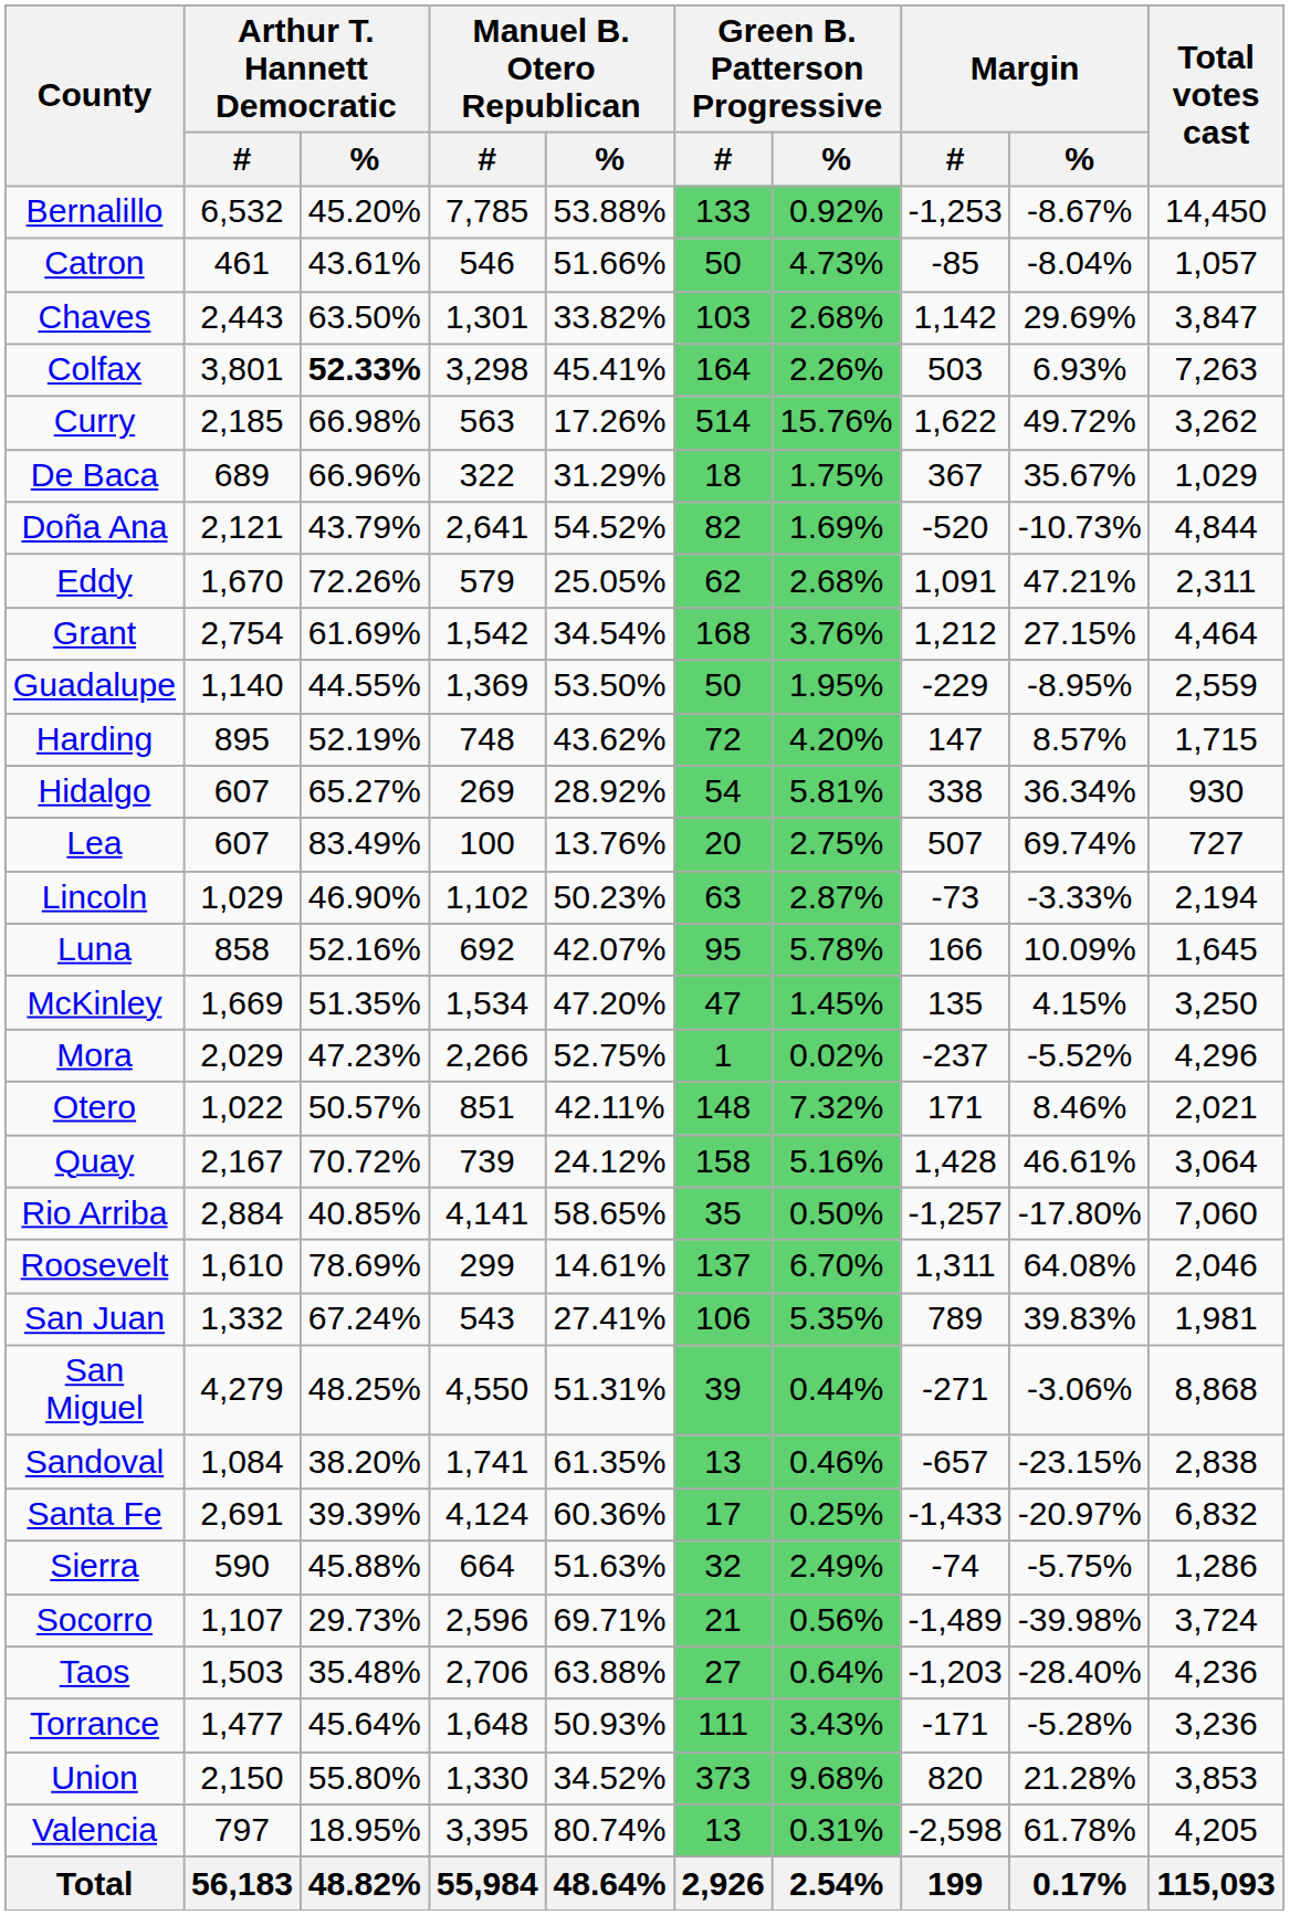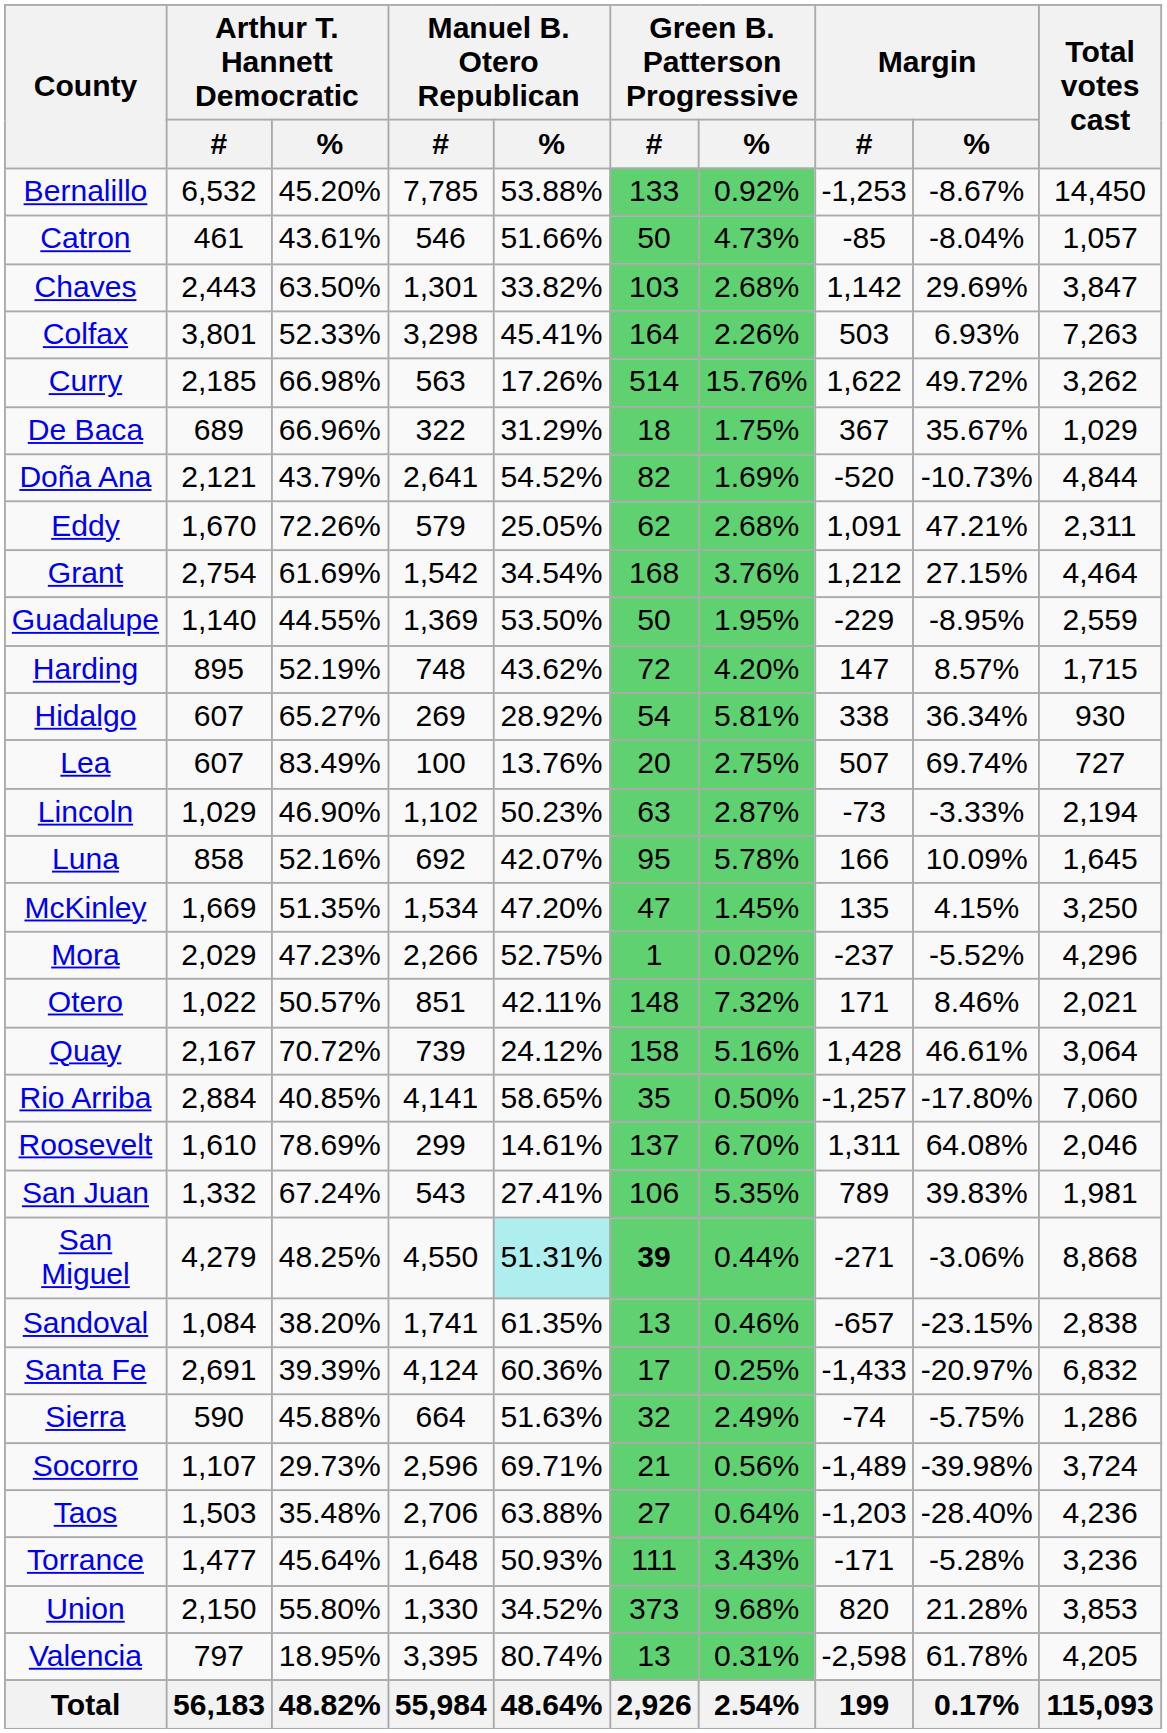 <table width="65%" class="wikitable sortable" style="text-align:center">
 <tr>
 <th style="text-align:center;" rowspan="2">County</th>
 <th style="text-align:center;" colspan="2">Arthur T. Hannett<br>Democratic</th>
 <th style="text-align:center;" colspan="2">Manuel B. Otero<br>Republican</th>
 <th style="text-align:center;" colspan="2">Green B. Patterson<br>Progressive</th>
 <th style="text-align:center;" colspan="2">Margin</th>
 <th style="text-align:center;" rowspan="2">Total votes cast</th>
 </tr>
 <tr>
 <th style="text-align:center;" data-sort-type="number">#</th>
 <th style="text-align:center;" data-sort-type="number">%</th>
 <th style="text-align:center;" data-sort-type="number">#</th>
 <th style="text-align:center;" data-sort-type="number">%</th>
 <th style="text-align:center;" data-sort-type="number">#</th>
 <th style="text-align:center;" data-sort-type="number">%</th>
 <th style="text-align:center;" data-sort-type="number">#</th>
 <th style="text-align:center;" data-sort-type="number">%</th>
 </tr>
 <tr style="text-align:center;">
 <td><a href='#'>Bernalillo</a></td>
 <td>6,532</td>
 <td>45.20%</td>
 <td>7,785</td>
 <td>53.88%</td>
 <td bgcolor="#5FD170">133</td>
 <td bgcolor="#5FD170">0.92%</td>
 <td>-1,253</td>
 <td>-8.67%</td>
 <td>14,450</td>
 </tr>
 <tr style="text-align:center;">
 <td><a href='#'>Catron</a></td>
 <td>461</td>
 <td>43.61%</td>
 <td>546</td>
 <td>51.66%</td>
 <td bgcolor="#5FD170">50</td>
 <td bgcolor="#5FD170">4.73%</td>
 <td>-85</td>
 <td>-8.04%</td>
 <td>1,057</td>
 </tr>
 <tr style="text-align:center;">
 <td><a href='#'>Chaves</a></td>
 <td>2,443</td>
 <td>63.50%</td>
 <td>1,301</td>
 <td>33.82%</td>
 <td bgcolor="#5FD170">103</td>
 <td bgcolor="#5FD170">2.68%</td>
 <td>1,142</td>
 <td>29.69%</td>
 <td>3,847</td>
 </tr>
 <tr style="text-align:center;">
 <td><a href='#'>Colfax</a></td>
 <td>3,801</td>
-<td><strong>52.33%</strong></td>
+<td>52.33%</td>
 <td>3,298</td>
 <td>45.41%</td>
 <td bgcolor="#5FD170">164</td>
 <td bgcolor="#5FD170">2.26%</td>
 <td>503</td>
 <td>6.93%</td>
 <td>7,263</td>
 </tr>
 <tr style="text-align:center;">
 <td><a href='#'>Curry</a></td>
 <td>2,185</td>
 <td>66.98%</td>
 <td>563</td>
 <td>17.26%</td>
 <td bgcolor="#5FD170">514</td>
 <td bgcolor="#5FD170">15.76%</td>
 <td>1,622</td>
 <td>49.72%</td>
 <td>3,262</td>
 </tr>
 <tr style="text-align:center;">
 <td><a href='#'>De Baca</a></td>
 <td>689</td>
 <td>66.96%</td>
 <td>322</td>
 <td>31.29%</td>
 <td bgcolor="#5FD170">18</td>
 <td bgcolor="#5FD170">1.75%</td>
 <td>367</td>
 <td>35.67%</td>
 <td>1,029</td>
 </tr>
 <tr style="text-align:center;">
 <td><a href='#'>Doña Ana</a></td>
 <td>2,121</td>
 <td>43.79%</td>
 <td>2,641</td>
 <td>54.52%</td>
 <td bgcolor="#5FD170">82</td>
 <td bgcolor="#5FD170">1.69%</td>
 <td>-520</td>
 <td>-10.73%</td>
 <td>4,844</td>
 </tr>
 <tr style="text-align:center;">
 <td><a href='#'>Eddy</a></td>
 <td>1,670</td>
 <td>72.26%</td>
 <td>579</td>
 <td>25.05%</td>
 <td bgcolor="#5FD170">62</td>
 <td bgcolor="#5FD170">2.68%</td>
 <td>1,091</td>
 <td>47.21%</td>
 <td>2,311</td>
 </tr>
 <tr style="text-align:center;">
 <td><a href='#'>Grant</a></td>
 <td>2,754</td>
 <td>61.69%</td>
 <td>1,542</td>
 <td>34.54%</td>
 <td bgcolor="#5FD170">168</td>
 <td bgcolor="#5FD170">3.76%</td>
 <td>1,212</td>
 <td>27.15%</td>
 <td>4,464</td>
 </tr>
 <tr style="text-align:center;">
 <td><a href='#'>Guadalupe</a></td>
 <td>1,140</td>
 <td>44.55%</td>
 <td>1,369</td>
 <td>53.50%</td>
 <td bgcolor="#5FD170">50</td>
 <td bgcolor="#5FD170">1.95%</td>
 <td>-229</td>
 <td>-8.95%</td>
 <td>2,559</td>
 </tr>
 <tr style="text-align:center;">
 <td><a href='#'>Harding</a></td>
 <td>895</td>
 <td>52.19%</td>
 <td>748</td>
 <td>43.62%</td>
 <td bgcolor="#5FD170">72</td>
 <td bgcolor="#5FD170">4.20%</td>
 <td>147</td>
 <td>8.57%</td>
 <td>1,715</td>
 </tr>
 <tr style="text-align:center;">
 <td><a href='#'>Hidalgo</a></td>
 <td>607</td>
 <td>65.27%</td>
 <td>269</td>
 <td>28.92%</td>
 <td bgcolor="#5FD170">54</td>
 <td bgcolor="#5FD170">5.81%</td>
 <td>338</td>
 <td>36.34%</td>
 <td>930</td>
 </tr>
 <tr style="text-align:center;">
 <td><a href='#'>Lea</a></td>
 <td>607</td>
 <td>83.49%</td>
 <td>100</td>
 <td>13.76%</td>
 <td bgcolor="#5FD170">20</td>
 <td bgcolor="#5FD170">2.75%</td>
 <td>507</td>
 <td>69.74%</td>
 <td>727</td>
 </tr>
 <tr style="text-align:center;">
 <td><a href='#'>Lincoln</a></td>
 <td>1,029</td>
 <td>46.90%</td>
 <td>1,102</td>
 <td>50.23%</td>
 <td bgcolor="#5FD170">63</td>
 <td bgcolor="#5FD170">2.87%</td>
 <td>-73</td>
 <td>-3.33%</td>
 <td>2,194</td>
 </tr>
 <tr style="text-align:center;">
 <td><a href='#'>Luna</a></td>
 <td>858</td>
 <td>52.16%</td>
 <td>692</td>
 <td>42.07%</td>
 <td bgcolor="#5FD170">95</td>
 <td bgcolor="#5FD170">5.78%</td>
 <td>166</td>
 <td>10.09%</td>
 <td>1,645</td>
 </tr>
 <tr style="text-align:center;">
 <td><a href='#'>McKinley</a></td>
 <td>1,669</td>
 <td>51.35%</td>
 <td>1,534</td>
 <td>47.20%</td>
 <td bgcolor="#5FD170">47</td>
 <td bgcolor="#5FD170">1.45%</td>
 <td>135</td>
 <td>4.15%</td>
 <td>3,250</td>
 </tr>
 <tr style="text-align:center;">
 <td><a href='#'>Mora</a></td>
 <td>2,029</td>
 <td>47.23%</td>
 <td>2,266</td>
 <td>52.75%</td>
 <td bgcolor="#5FD170">1</td>
 <td bgcolor="#5FD170">0.02%</td>
 <td>-237</td>
 <td>-5.52%</td>
 <td>4,296</td>
 </tr>
 <tr style="text-align:center;">
 <td><a href='#'>Otero</a></td>
 <td>1,022</td>
 <td>50.57%</td>
 <td>851</td>
 <td>42.11%</td>
 <td bgcolor="#5FD170">148</td>
 <td bgcolor="#5FD170">7.32%</td>
 <td>171</td>
 <td>8.46%</td>
 <td>2,021</td>
 </tr>
 <tr style="text-align:center;">
 <td><a href='#'>Quay</a></td>
 <td>2,167</td>
 <td>70.72%</td>
 <td>739</td>
 <td>24.12%</td>
 <td bgcolor="#5FD170">158</td>
 <td bgcolor="#5FD170">5.16%</td>
 <td>1,428</td>
 <td>46.61%</td>
 <td>3,064</td>
 </tr>
 <tr style="text-align:center;">
 <td><a href='#'>Rio Arriba</a></td>
 <td>2,884</td>
 <td>40.85%</td>
 <td>4,141</td>
 <td>58.65%</td>
 <td bgcolor="#5FD170">35</td>
 <td bgcolor="#5FD170">0.50%</td>
 <td>-1,257</td>
 <td>-17.80%</td>
 <td>7,060</td>
 </tr>
 <tr style="text-align:center;">
 <td><a href='#'>Roosevelt</a></td>
 <td>1,610</td>
 <td>78.69%</td>
 <td>299</td>
 <td>14.61%</td>
 <td bgcolor="#5FD170">137</td>
 <td bgcolor="#5FD170">6.70%</td>
 <td>1,311</td>
 <td>64.08%</td>
 <td>2,046</td>
 </tr>
 <tr style="text-align:center;">
 <td><a href='#'>San Juan</a></td>
 <td>1,332</td>
 <td>67.24%</td>
 <td>543</td>
 <td>27.41%</td>
 <td bgcolor="#5FD170">106</td>
 <td bgcolor="#5FD170">5.35%</td>
 <td>789</td>
 <td>39.83%</td>
 <td>1,981</td>
 </tr>
 <tr style="text-align:center;">
 <td><a href='#'>San Miguel</a></td>
 <td>4,279</td>
 <td>48.25%</td>
 <td>4,550</td>
-<td>51.31%</td>
-<td bgcolor="#5FD170">39</td>
+<td style="background: paleturquoise;">51.31%</td>
+<td bgcolor="#5FD170"><strong>39</strong></td>
 <td bgcolor="#5FD170">0.44%</td>
 <td>-271</td>
 <td>-3.06%</td>
 <td>8,868</td>
 </tr>
 <tr style="text-align:center;">
 <td><a href='#'>Sandoval</a></td>
 <td>1,084</td>
 <td>38.20%</td>
 <td>1,741</td>
 <td>61.35%</td>
 <td bgcolor="#5FD170">13</td>
 <td bgcolor="#5FD170">0.46%</td>
 <td>-657</td>
 <td>-23.15%</td>
 <td>2,838</td>
 </tr>
 <tr style="text-align:center;">
 <td><a href='#'>Santa Fe</a></td>
 <td>2,691</td>
 <td>39.39%</td>
 <td>4,124</td>
 <td>60.36%</td>
 <td bgcolor="#5FD170">17</td>
 <td bgcolor="#5FD170">0.25%</td>
 <td>-1,433</td>
 <td>-20.97%</td>
 <td>6,832</td>
 </tr>
 <tr style="text-align:center;">
 <td><a href='#'>Sierra</a></td>
 <td>590</td>
 <td>45.88%</td>
 <td>664</td>
 <td>51.63%</td>
 <td bgcolor="#5FD170">32</td>
 <td bgcolor="#5FD170">2.49%</td>
 <td>-74</td>
 <td>-5.75%</td>
 <td>1,286</td>
 </tr>
 <tr style="text-align:center;">
 <td><a href='#'>Socorro</a></td>
 <td>1,107</td>
 <td>29.73%</td>
 <td>2,596</td>
 <td>69.71%</td>
 <td bgcolor="#5FD170">21</td>
 <td bgcolor="#5FD170">0.56%</td>
 <td>-1,489</td>
 <td>-39.98%</td>
 <td>3,724</td>
 </tr>
 <tr style="text-align:center;">
 <td><a href='#'>Taos</a></td>
 <td>1,503</td>
 <td>35.48%</td>
 <td>2,706</td>
 <td>63.88%</td>
 <td bgcolor="#5FD170">27</td>
 <td bgcolor="#5FD170">0.64%</td>
 <td>-1,203</td>
 <td>-28.40%</td>
 <td>4,236</td>
 </tr>
 <tr style="text-align:center;">
 <td><a href='#'>Torrance</a></td>
 <td>1,477</td>
 <td>45.64%</td>
 <td>1,648</td>
 <td>50.93%</td>
 <td bgcolor="#5FD170">111</td>
 <td bgcolor="#5FD170">3.43%</td>
 <td>-171</td>
 <td>-5.28%</td>
 <td>3,236</td>
 </tr>
 <tr style="text-align:center;">
 <td><a href='#'>Union</a></td>
 <td>2,150</td>
 <td>55.80%</td>
 <td>1,330</td>
 <td>34.52%</td>
 <td bgcolor="#5FD170">373</td>
 <td bgcolor="#5FD170">9.68%</td>
 <td>820</td>
 <td>21.28%</td>
 <td>3,853</td>
 </tr>
 <tr style="text-align:center;">
 <td><a href='#'>Valencia</a></td>
 <td>797</td>
 <td>18.95%</td>
 <td>3,395</td>
 <td>80.74%</td>
 <td bgcolor="#5FD170">13</td>
 <td bgcolor="#5FD170">0.31%</td>
 <td>-2,598</td>
 <td>61.78%</td>
 <td>4,205</td>
 </tr>
 <tr style="text-align:center;">
 <th>Total</th>
 <th>56,183</th>
 <th>48.82%</th>
 <th>55,984</th>
 <th>48.64%</th>
 <th>2,926</th>
 <th>2.54%</th>
 <th>199</th>
 <th>0.17%</th>
 <th>115,093</th>
 </tr>
 </table>
